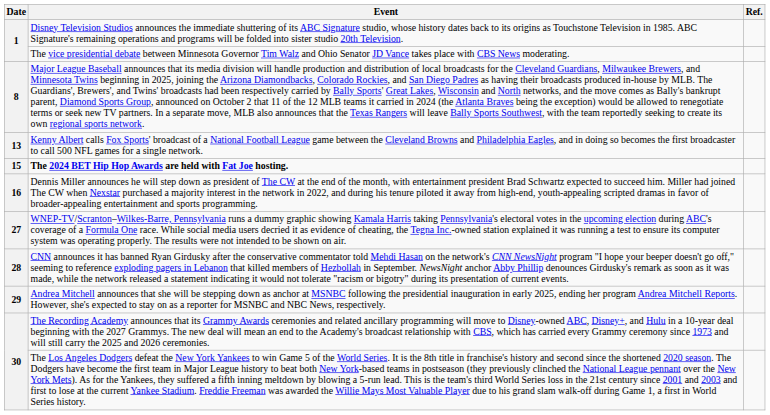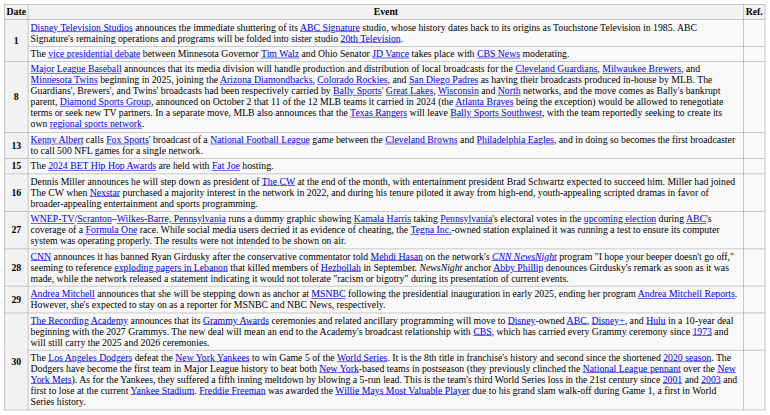 <table class="wikitable sortable">
 <tr>
 <th>Date</th>
 <th>Event</th>
 <th>Ref.</th>
 </tr>
 <tr>
 <th rowspan=2>1</th>
 <td><a href='#'>Disney Television Studios</a> announces the immediate shuttering of its <a href='#'>ABC Signature</a> studio, whose history dates back to its origins as Touchstone Television in 1985. ABC Signature's remaining operations and programs will be folded into sister studio <a href='#'>20th Television</a>.</td>
 <td></td>
 </tr>
 <tr>
 <td>The <a href='#'>vice presidential debate</a> between Minnesota Governor <a href='#'>Tim Walz</a> and Ohio Senator <a href='#'>JD Vance</a> takes place with <a href='#'>CBS News</a> moderating.</td>
 <td></td>
 </tr>
 <tr>
 <th>8</th>
 <td><a href='#'>Major League Baseball</a> announces that its media division will handle production and distribution of local broadcasts for the <a href='#'>Cleveland Guardians</a>, <a href='#'>Milwaukee Brewers</a>, and <a href='#'>Minnesota Twins</a> beginning in 2025, joining the <a href='#'>Arizona Diamondbacks</a>, <a href='#'>Colorado Rockies</a>, and <a href='#'>San Diego Padres</a> as having their broadcasts produced in-house by MLB. The Guardians', Brewers', and Twins' broadcasts had been respectively carried by <a href='#'>Bally Sports</a>' <a href='#'>Great Lakes</a>, <a href='#'>Wisconsin</a> and <a href='#'>North</a> networks, and the move comes as Bally's bankrupt parent, <a href='#'>Diamond Sports Group</a>, announced on October 2 that 11 of the 12 MLB teams it carried in 2024 (the <a href='#'>Atlanta Braves</a> being the exception) would be allowed to renegotiate terms or seek new TV partners. In a separate move, MLB also announces that the <a href='#'>Texas Rangers</a> will leave <a href='#'>Bally Sports Southwest</a>, with the team reportedly seeking to create its own <a href='#'>regional sports network</a>.</td>
 <td><br><br><br></td>
 </tr>
 <tr>
 <th>13</th>
 <td><a href='#'>Kenny Albert</a> calls <a href='#'>Fox Sports</a>' broadcast of a <a href='#'>National Football League</a> game between the <a href='#'>Cleveland Browns</a> and <a href='#'>Philadelphia Eagles</a>, and in doing so becomes the first broadcaster to call 500 NFL games for a single network.</td>
 <td></td>
 </tr>
 <tr>
 <th>15</th>
-<td><strong>The <a href='#'>2024 BET Hip Hop Awards</a> are held with <a href='#'>Fat Joe</a> hosting.</strong></td>
+<td>The <a href='#'>2024 BET Hip Hop Awards</a> are held with <a href='#'>Fat Joe</a> hosting.</td>
 <td></td>
 </tr>
 <tr>
 <th>16</th>
 <td>Dennis Miller announces he will step down as president of <a href='#'>The CW</a> at the end of the month, with entertainment president Brad Schwartz expected to succeed him. Miller had joined The CW when <a href='#'>Nexstar</a> purchased a majority interest in the network in 2022, and during his tenure piloted it away from high-end, youth-appealing scripted dramas in favor of broader-appealing entertainment and sports programming.</td>
 <td></td>
 </tr>
 <tr>
 <th>27</th>
 <td><a href='#'>WNEP-TV</a>/<a href='#'>Scranton</a>–<a href='#'>Wilkes-Barre, Pennsylvania</a> runs a dummy graphic showing <a href='#'>Kamala Harris</a> taking <a href='#'>Pennsylvania</a>'s electoral votes in the <a href='#'>upcoming election</a> during <a href='#'>ABC</a>'s coverage of a <a href='#'>Formula One</a> race. While social media users decried it as evidence of cheating, the <a href='#'>Tegna Inc.</a>-owned station explained it was running a test to ensure its computer system was operating properly. The results were not intended to be shown on air.</td>
 <td></td>
 </tr>
 <tr>
 <th>28</th>
 <td><a href='#'>CNN</a> announces it has banned Ryan Girdusky after the conservative commentator told <a href='#'>Mehdi Hasan</a> on the network's <em><a href='#'>CNN NewsNight</a></em> program "I hope your beeper doesn't go off," seeming to reference <a href='#'>exploding pagers in Lebanon</a> that killed members of <a href='#'>Hezbollah</a> in September. <em>NewsNight</em> anchor <a href='#'>Abby Phillip</a> denounces Girdusky's remark as soon as it was made, while the network released a statement indicating it would not tolerate "racism or bigotry" during its presentation of current events.</td>
 <td></td>
 </tr>
 <tr>
 <th>29</th>
 <td><a href='#'>Andrea Mitchell</a> announces that she will be stepping down as anchor at <a href='#'>MSNBC</a> following the presidential inauguration in early 2025, ending her program <a href='#'>Andrea Mitchell Reports</a>. However, she's expected to stay on as a reporter for MSNBC and NBC News, respectively.</td>
 <td></td>
 </tr>
 <tr>
 <th rowspan=2>30</th>
 <td><a href='#'>The Recording Academy</a> announces that its <a href='#'>Grammy Awards</a> ceremonies and related ancillary programming will move to <a href='#'>Disney</a>-owned <a href='#'>ABC</a>, <a href='#'>Disney+</a>, and <a href='#'>Hulu</a> in a 10-year deal beginning with the 2027 Grammys. The new deal will mean an end to the Academy's broadcast relationship with <a href='#'>CBS</a>, which has carried every Grammy ceremony since <a href='#'>1973</a> and will still carry the 2025 and 2026 ceremonies.</td>
 <td></td>
 </tr>
 <tr>
 <td>The <a href='#'>Los Angeles Dodgers</a> defeat the <a href='#'>New York Yankees</a> to win Game 5 of the <a href='#'>World Series</a>. It is the 8th title in franchise's history and second since the shortened <a href='#'>2020 season</a>. The Dodgers have become the first team in Major League history to beat both <a href='#'>New York</a>-based teams in postseason (they previously clinched the <a href='#'>National League pennant</a> over the <a href='#'>New York Mets</a>). As for the Yankees, they suffered a fifth inning meltdown by blowing a 5-run lead. This is the team's third World Series loss in the 21st century since <a href='#'>2001</a> and <a href='#'>2003</a> and first to lose at the current <a href='#'>Yankee Stadium</a>. <a href='#'>Freddie Freeman</a> was awarded the <a href='#'>Willie Mays Most Valuable Player</a> due to his grand slam walk-off during Game 1, a first in World Series history.</td>
 <td></td>
 </tr>
 </table>
